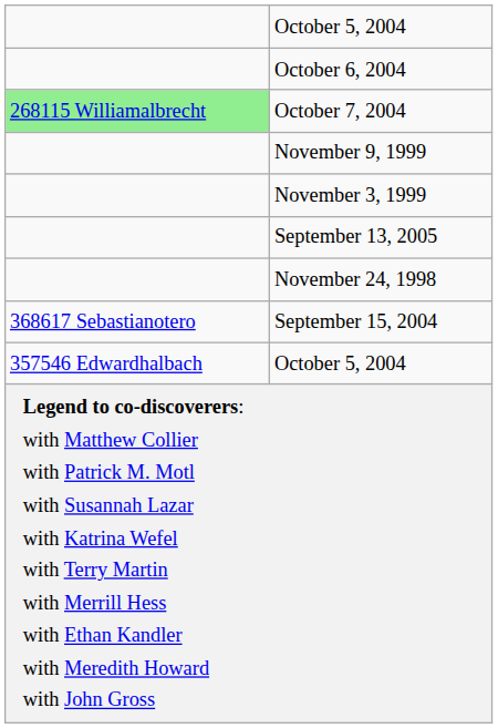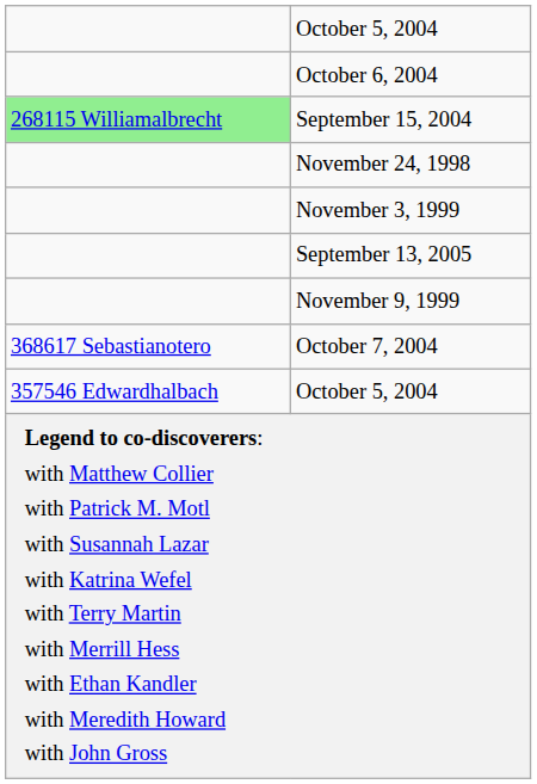 <table class="wikitable" style="font-size: 89%; float: left; width: 24em; margin-right: 1em; line-height: 1.6em !important;">
 <tr>
 <td></td>
 <td>October 5, 2004</td>
 </tr>
 <tr>
 <td></td>
 <td>October 6, 2004</td>
 </tr>
 <tr>
 <td style="background: lightgreen;"><a href='#'>268115 Williamalbrecht</a></td>
-<td>October 7, 2004</td>
+<td>September 15, 2004</td>
 </tr>
 <tr>
 <td></td>
-<td>November 9, 1999</td>
+<td>November 24, 1998</td>
 </tr>
 <tr>
 <td></td>
 <td>November 3, 1999</td>
 </tr>
 <tr>
 <td></td>
 <td>September 13, 2005</td>
 </tr>
 <tr>
 <td></td>
-<td>November 24, 1998</td>
+<td>November 9, 1999</td>
 </tr>
 <tr>
 <td><a href='#'>368617 Sebastianotero</a></td>
-<td>September 15, 2004</td>
+<td>October 7, 2004</td>
 </tr>
 <tr>
 <td><a href='#'>357546 Edwardhalbach</a></td>
 <td>October 5, 2004</td>
 </tr>
 <tr>
 <th colspan=2 style="font-weight: normal; text-align: left; padding: 4px 12px;"><strong>Legend to co-discoverers</strong>:<br> with <a href='#'>Matthew Collier</a><br> with <a href='#'>Patrick M. Motl</a><br> with <a href='#'>Susannah Lazar</a><br>  with <a href='#'>Katrina Wefel</a><br> with <a href='#'>Terry Martin</a><br> with <a href='#'>Merrill Hess</a><br> with <a href='#'>Ethan Kandler</a><br> with <a href='#'>Meredith Howard</a><br> with <a href='#'>John Gross</a></th>
 </tr>
 </table>
